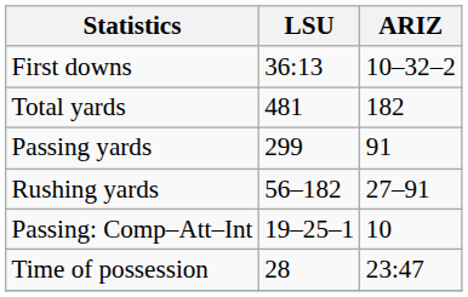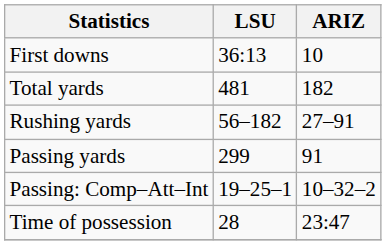 <table class="wikitable" style="float: left;">
 <tr>
 <th>Statistics</th>
 <th>LSU</th>
 <th>ARIZ</th>
 </tr>
 <tr>
 <td>First downs</td>
 <td>36:13</td>
-<td>10–32–2</td>
+<td>10</td>
 </tr>
 <tr>
 <td>Total yards</td>
 <td>481</td>
 <td>182</td>
 </tr>
 <tr>
+<td>Rushing yards</td>
+<td>56–182</td>
+<td>27–91</td>
+</tr>
+<tr>
 <td>Passing yards</td>
 <td>299</td>
 <td>91</td>
 </tr>
 <tr>
-<td>Rushing yards</td>
-<td>56–182</td>
-<td>27–91</td>
-</tr>
-<tr>
 <td>Passing: Comp–Att–Int</td>
 <td>19–25–1</td>
-<td>10</td>
+<td>10–32–2</td>
 </tr>
 <tr>
 <td>Time of possession</td>
 <td>28</td>
 <td>23:47</td>
 </tr>
 <tr>
 </tr>
 </table>
